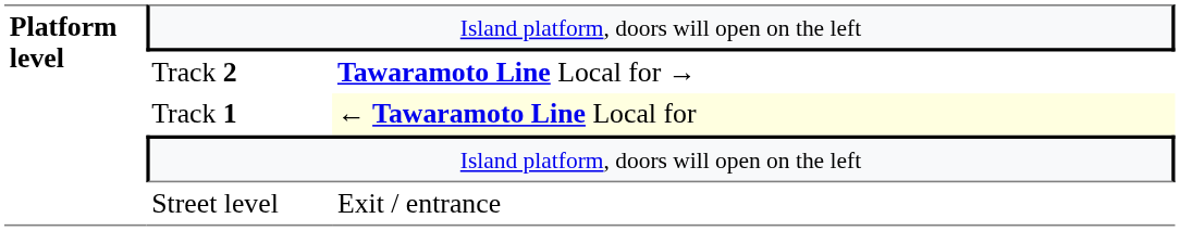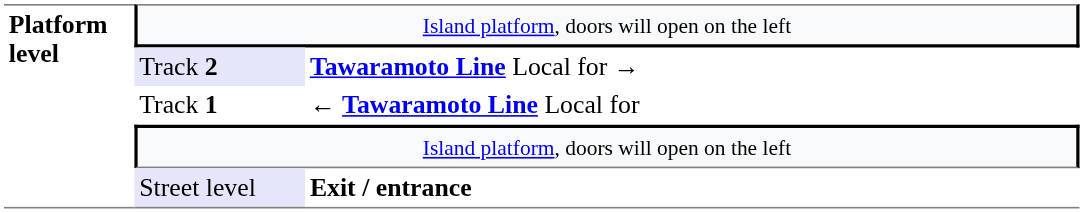 <table border=0 cellspacing=0 cellpadding=3>
 <tr>
 <td style="border-top: 1px solid gray;" width=50 rowspan=4 valign=top><strong>Platform level</strong></td>
 <td style="border-top: 1px solid gray; border-right: 2px solid black; border-left: 2px solid black; border-bottom: 2px solid black; background-color:#f8f9fa;text-align:center;" colspan=3><small><a href='#'>Island platform</a>, doors will open on the left   </small></td>
 </tr>
 <tr>
-<td style="" width=100>Track <strong>2</strong></td>
+<td style="background: lavender; " width=100>Track <strong>2</strong></td>
 <td style="" width=475> <strong><a href='#'>Tawaramoto Line</a></strong>  Local for  →</td>
 </tr>
 <tr>
 <td style="">Track <strong>1</strong></td>
-<td style="background: lightyellow; ">←  <strong><a href='#'>Tawaramoto Line</a></strong>  Local for </td>
+<td style="">←  <strong><a href='#'>Tawaramoto Line</a></strong>  Local for </td>
 </tr>
 <tr>
 <td style="border-top: 2px solid black;border-right: 2px solid black;border-left: 2px solid black;border-bottom: 1px solid gray;background-color:#f8f9fa;text-align:center;" colspan=3><small><a href='#'>Island platform</a>, doors will open on the left   </small></td>
 </tr>
 <tr>
 <td style="border-bottom: 1px solid gray;" valign=top width=75></td>
-<td style="border-bottom: 1px solid gray;" valign=top width=100>Street level</td>
-<td style="border-bottom: 1px solid gray;" valign=top width=475>Exit / entrance</td>
+<td style="background: lavender; border-bottom: 1px solid gray;" valign=top width=100>Street level</td>
+<td style="border-bottom: 1px solid gray;" valign=top width=475><strong>Exit / entrance</strong></td>
 </tr>
 </table>
